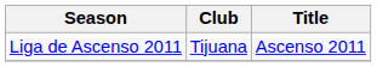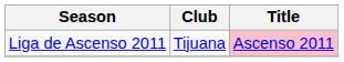 <table class="wikitable">
 <tr>
 <th>Season</th>
 <th>Club</th>
 <th>Title</th>
 </tr>
 <tr>
 <td><a href='#'>Liga de Ascenso 2011</a></td>
 <td><a href='#'>Tijuana</a></td>
-<td><a href='#'>Ascenso 2011</a></td>
+<td style="background: pink;"><a href='#'>Ascenso 2011</a></td>
 </tr>
 <tr>
 </tr>
 </table>
